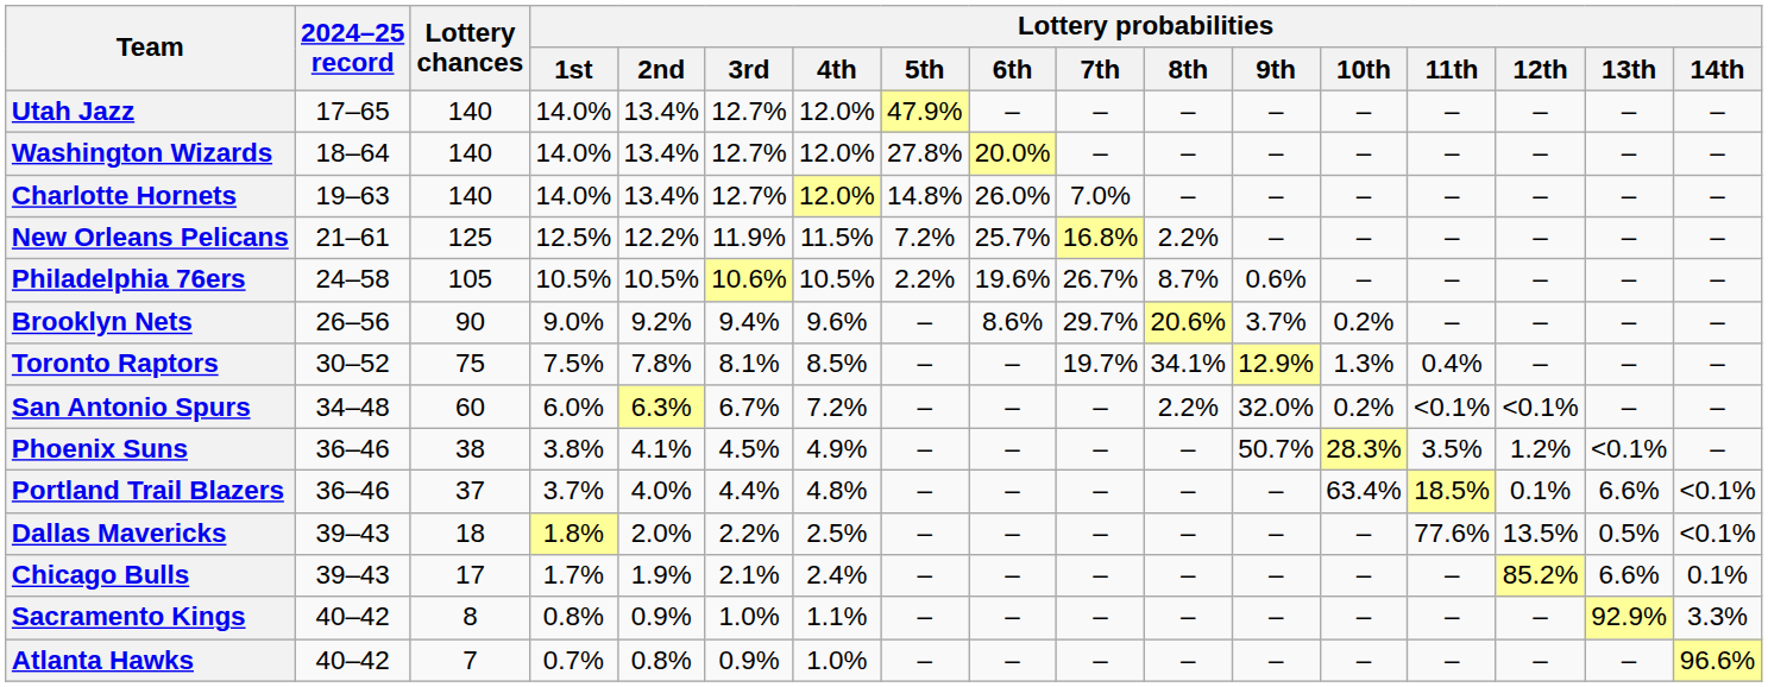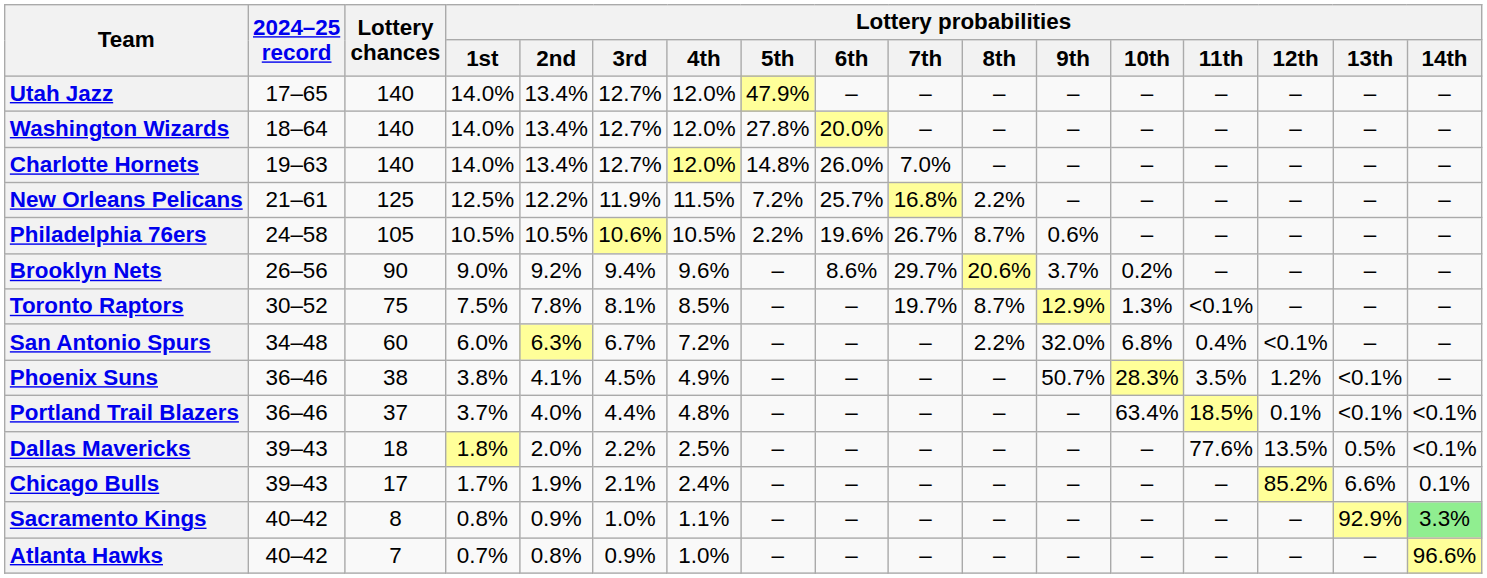 <table class="wikitable plainrowheaders" style="text-align:center">
 <tr>
 <th scope="col" rowspan="2">Team</th>
 <th scope="col" rowspan="2"><a href='#'>2024–25<br>record</a></th>
 <th scope="col" rowspan="2">Lottery<br>chances</th>
 <th scope="col" colspan="14">Lottery probabilities</th>
 </tr>
 <tr>
 <th>1st</th>
 <th>2nd</th>
 <th>3rd</th>
 <th>4th</th>
 <th>5th</th>
 <th>6th</th>
 <th>7th</th>
 <th>8th</th>
 <th>9th</th>
 <th>10th</th>
 <th>11th</th>
 <th>12th</th>
 <th>13th</th>
 <th>14th</th>
 </tr>
 <tr>
 <th scope="row" style="text-align:left;"><a href='#'>Utah Jazz</a></th>
 <td>17–65</td>
 <td>140</td>
 <td>14.0%</td>
 <td>13.4%</td>
 <td>12.7%</td>
 <td>12.0%</td>
 <td style="background:#ff9;">47.9%</td>
 <td>–</td>
 <td>–</td>
 <td>–</td>
 <td>–</td>
 <td>–</td>
 <td>–</td>
 <td>–</td>
 <td>–</td>
 <td>–</td>
 </tr>
 <tr>
 <th scope="row" style="text-align:left;"><a href='#'>Washington Wizards</a></th>
 <td>18–64</td>
 <td>140</td>
 <td>14.0%</td>
 <td>13.4%</td>
 <td>12.7%</td>
 <td>12.0%</td>
 <td>27.8%</td>
 <td style="background:#ff9;">20.0%</td>
 <td>–</td>
 <td>–</td>
 <td>–</td>
 <td>–</td>
 <td>–</td>
 <td>–</td>
 <td>–</td>
 <td>–</td>
 </tr>
 <tr>
 <th scope="row" style="text-align:left;"><a href='#'>Charlotte Hornets</a></th>
 <td>19–63</td>
 <td>140</td>
 <td>14.0%</td>
 <td>13.4%</td>
 <td>12.7%</td>
 <td style="background:#ff9;">12.0%</td>
 <td>14.8%</td>
 <td>26.0%</td>
 <td>7.0%</td>
 <td>–</td>
 <td>–</td>
 <td>–</td>
 <td>–</td>
 <td>–</td>
 <td>–</td>
 <td>–</td>
 </tr>
 <tr>
 <th scope="row" style="text-align:left;"><a href='#'>New Orleans Pelicans</a></th>
 <td>21–61</td>
 <td>125</td>
 <td>12.5%</td>
 <td>12.2%</td>
 <td>11.9%</td>
 <td>11.5%</td>
 <td>7.2%</td>
 <td>25.7%</td>
 <td style="background:#ff9;">16.8%</td>
 <td>2.2%</td>
 <td>–</td>
 <td>–</td>
 <td>–</td>
 <td>–</td>
 <td>–</td>
 <td>–</td>
 </tr>
 <tr>
 <th scope="row" style="text-align:left;"><a href='#'>Philadelphia 76ers</a></th>
 <td>24–58</td>
 <td>105</td>
 <td>10.5%</td>
 <td>10.5%</td>
 <td style="background:#ff9;">10.6%</td>
 <td>10.5%</td>
 <td>2.2%</td>
 <td>19.6%</td>
 <td>26.7%</td>
 <td>8.7%</td>
 <td>0.6%</td>
 <td>–</td>
 <td>–</td>
 <td>–</td>
 <td>–</td>
 <td>–</td>
 </tr>
 <tr>
 <th scope="row" style="text-align:left;"><a href='#'>Brooklyn Nets</a></th>
 <td>26–56</td>
 <td>90</td>
 <td>9.0%</td>
 <td>9.2%</td>
 <td>9.4%</td>
 <td>9.6%</td>
 <td>–</td>
 <td>8.6%</td>
 <td>29.7%</td>
 <td style="background:#ff9;">20.6%</td>
 <td>3.7%</td>
 <td>0.2%</td>
 <td>–</td>
 <td>–</td>
 <td>–</td>
 <td>–</td>
 </tr>
 <tr>
 <th scope="row" style="text-align:left;"><a href='#'>Toronto Raptors</a></th>
 <td>30–52</td>
 <td>75</td>
 <td>7.5%</td>
 <td>7.8%</td>
 <td>8.1%</td>
 <td>8.5%</td>
 <td>–</td>
 <td>–</td>
 <td>19.7%</td>
-<td>34.1%</td>
+<td>8.7%</td>
 <td style="background:#ff9;">12.9%</td>
 <td>1.3%</td>
-<td>0.4%</td>
+<td><0.1%</td>
 <td>–</td>
 <td>–</td>
 <td>–</td>
 </tr>
 <tr>
 <th scope="row" style="text-align:left;"><a href='#'>San Antonio Spurs</a></th>
 <td>34–48</td>
 <td>60</td>
 <td>6.0%</td>
 <td style="background:#ff9;">6.3%</td>
 <td>6.7%</td>
 <td>7.2%</td>
 <td>–</td>
 <td>–</td>
 <td>–</td>
 <td>2.2%</td>
 <td>32.0%</td>
-<td>0.2%</td>
-<td><0.1%</td>
+<td>6.8%</td>
+<td>0.4%</td>
 <td><0.1%</td>
 <td>–</td>
 <td>–</td>
 </tr>
 <tr>
 <th scope="row" style="text-align:left;"><a href='#'>Phoenix Suns</a> </th>
 <td>36–46</td>
 <td>38</td>
 <td>3.8%</td>
 <td>4.1%</td>
 <td>4.5%</td>
 <td>4.9%</td>
 <td>–</td>
 <td>–</td>
 <td>–</td>
 <td>–</td>
 <td>50.7%</td>
 <td style="background:#ff9;">28.3%</td>
 <td>3.5%</td>
 <td>1.2%</td>
 <td><0.1%</td>
 <td>–</td>
 </tr>
 <tr>
 <th scope="row" style="text-align:left;"><a href='#'>Portland Trail Blazers</a></th>
 <td>36–46</td>
 <td>37</td>
 <td>3.7%</td>
 <td>4.0%</td>
 <td>4.4%</td>
 <td>4.8%</td>
 <td>–</td>
 <td>–</td>
 <td>–</td>
 <td>–</td>
 <td>–</td>
 <td>63.4%</td>
 <td style="background:#ff9;">18.5%</td>
 <td>0.1%</td>
-<td>6.6%</td>
+<td><0.1%</td>
 <td><0.1%</td>
 </tr>
 <tr>
 <th scope="row" style="text-align:left;"><a href='#'>Dallas Mavericks</a></th>
 <td>39–43</td>
 <td>18</td>
 <td style="background:#ff9;">1.8%</td>
 <td>2.0%</td>
 <td>2.2%</td>
 <td>2.5%</td>
 <td>–</td>
 <td>–</td>
 <td>–</td>
 <td>–</td>
 <td>–</td>
 <td>–</td>
 <td>77.6%</td>
 <td>13.5%</td>
 <td>0.5%</td>
 <td><0.1%</td>
 </tr>
 <tr>
 <th scope="row" style="text-align:left;"><a href='#'>Chicago Bulls</a></th>
 <td>39–43</td>
 <td>17</td>
 <td>1.7%</td>
 <td>1.9%</td>
 <td>2.1%</td>
 <td>2.4%</td>
 <td>–</td>
 <td>–</td>
 <td>–</td>
 <td>–</td>
 <td>–</td>
 <td>–</td>
 <td>–</td>
 <td style="background:#ff9;">85.2%</td>
 <td>6.6%</td>
 <td>0.1%</td>
 </tr>
 <tr>
 <th scope="row" style="text-align:left;"><a href='#'>Sacramento Kings</a> </th>
 <td>40–42</td>
 <td>8</td>
 <td>0.8%</td>
 <td>0.9%</td>
 <td>1.0%</td>
 <td>1.1%</td>
 <td>–</td>
 <td>–</td>
 <td>–</td>
 <td>–</td>
 <td>–</td>
 <td>–</td>
 <td>–</td>
 <td>–</td>
 <td style="background:#ff9;">92.9%</td>
-<td>3.3%</td>
+<td style="background: lightgreen;">3.3%</td>
 </tr>
 <tr>
 <th scope="row" style="text-align:left;"><a href='#'>Atlanta Hawks</a> </th>
 <td>40–42</td>
 <td>7</td>
 <td>0.7%</td>
 <td>0.8%</td>
 <td>0.9%</td>
 <td>1.0%</td>
 <td>–</td>
 <td>–</td>
 <td>–</td>
 <td>–</td>
 <td>–</td>
 <td>–</td>
 <td>–</td>
 <td>–</td>
 <td>–</td>
 <td style="background:#ff9;">96.6%</td>
 </tr>
 </table>
